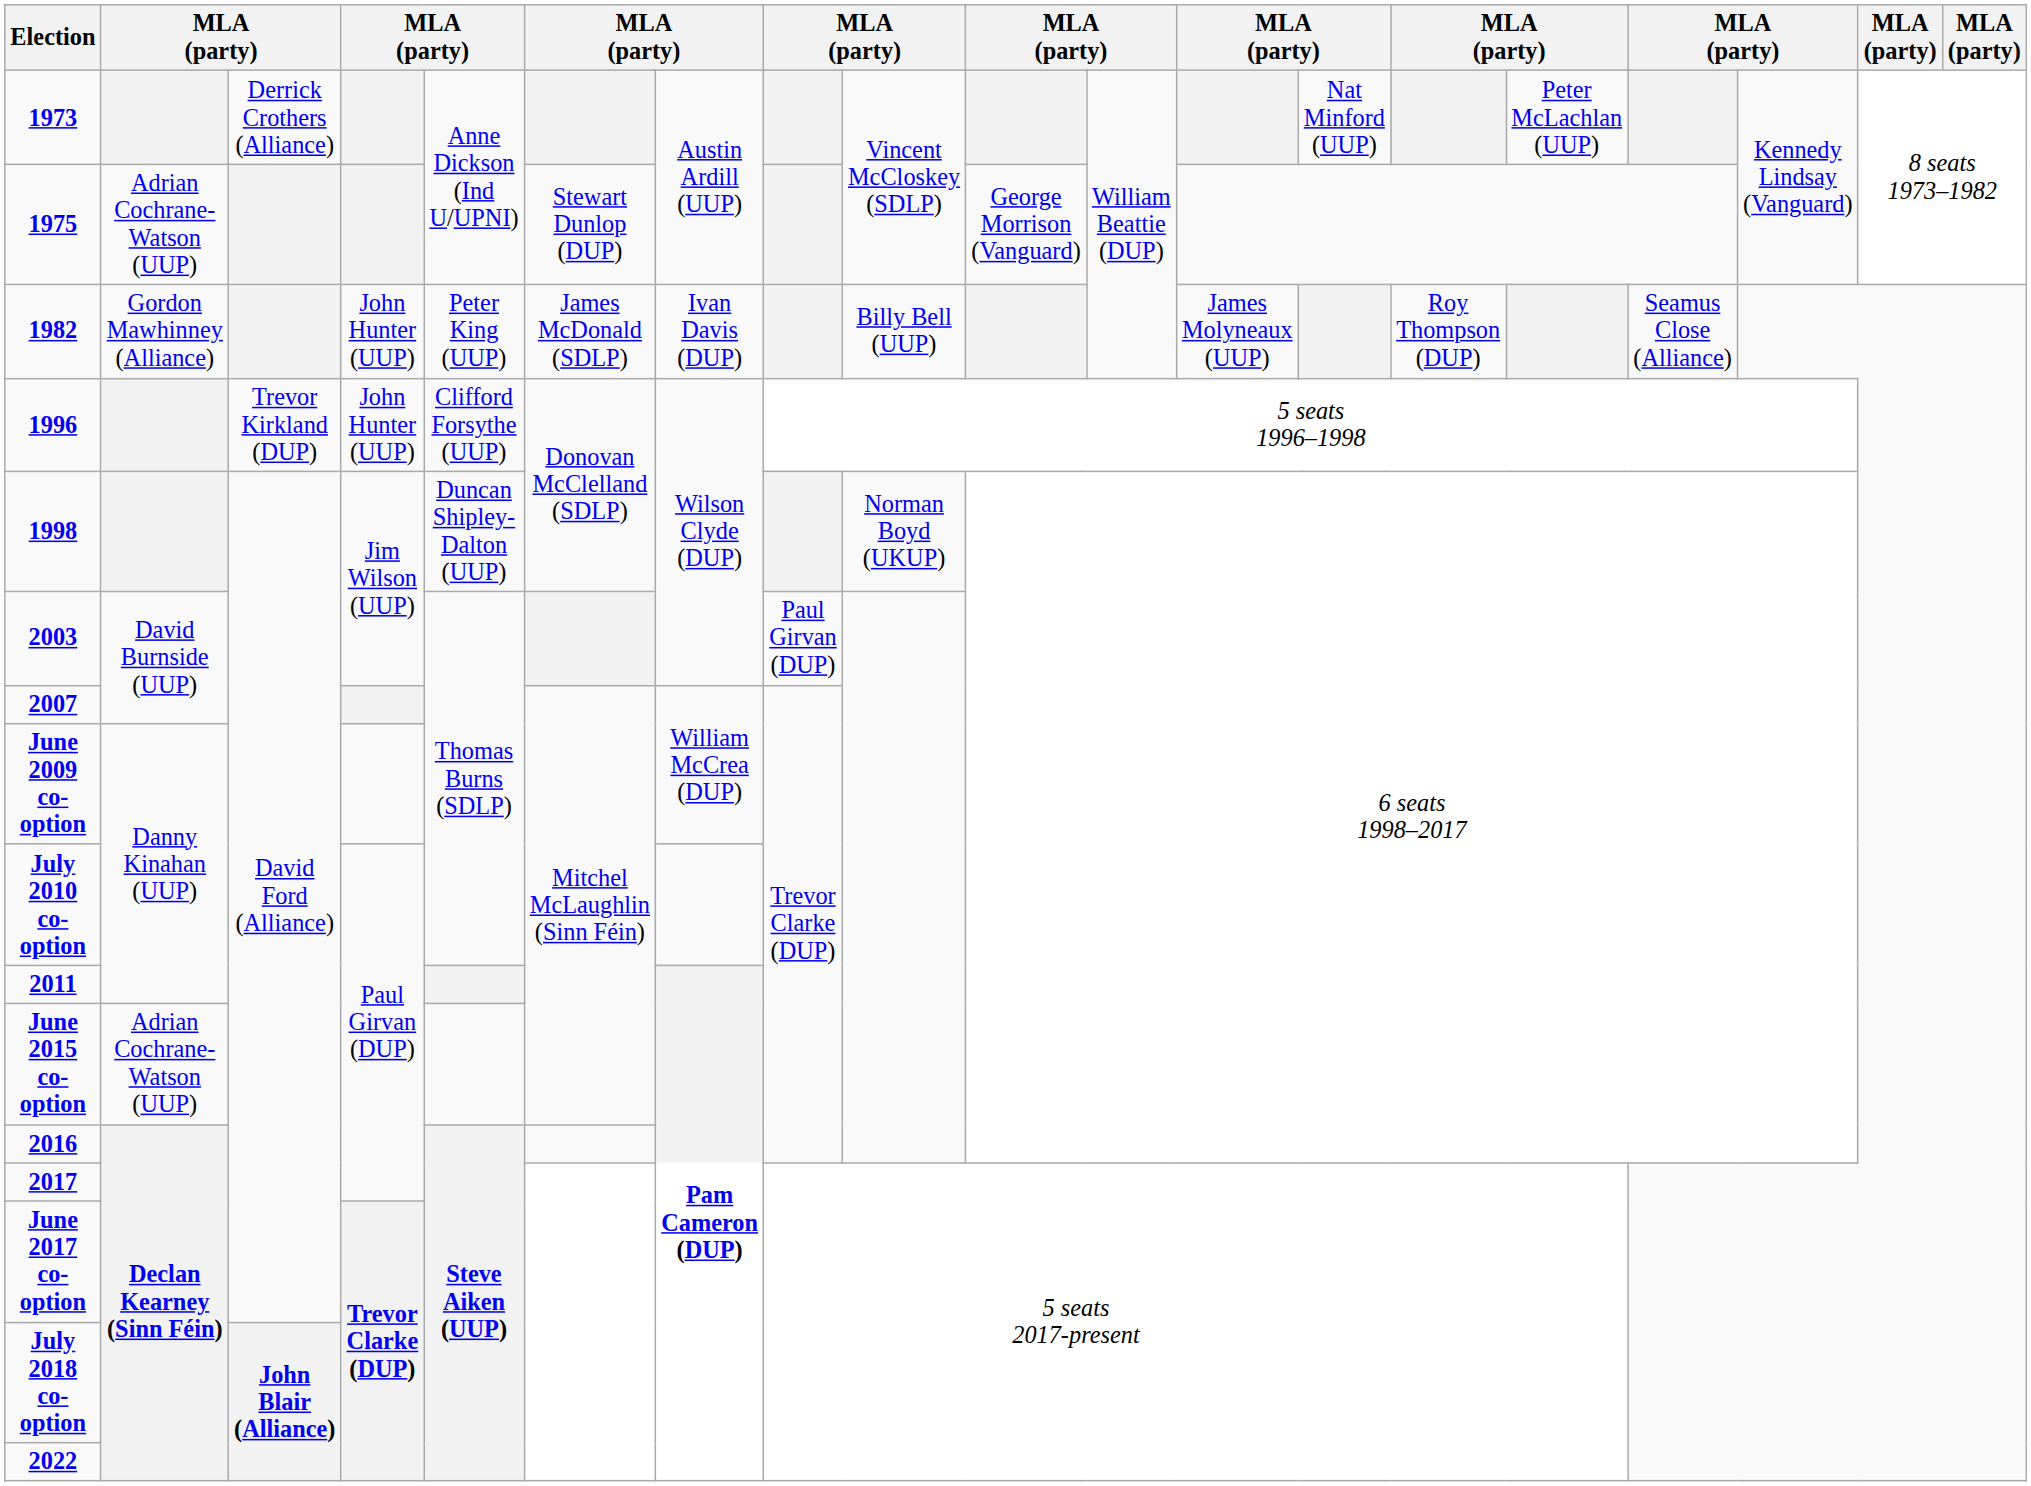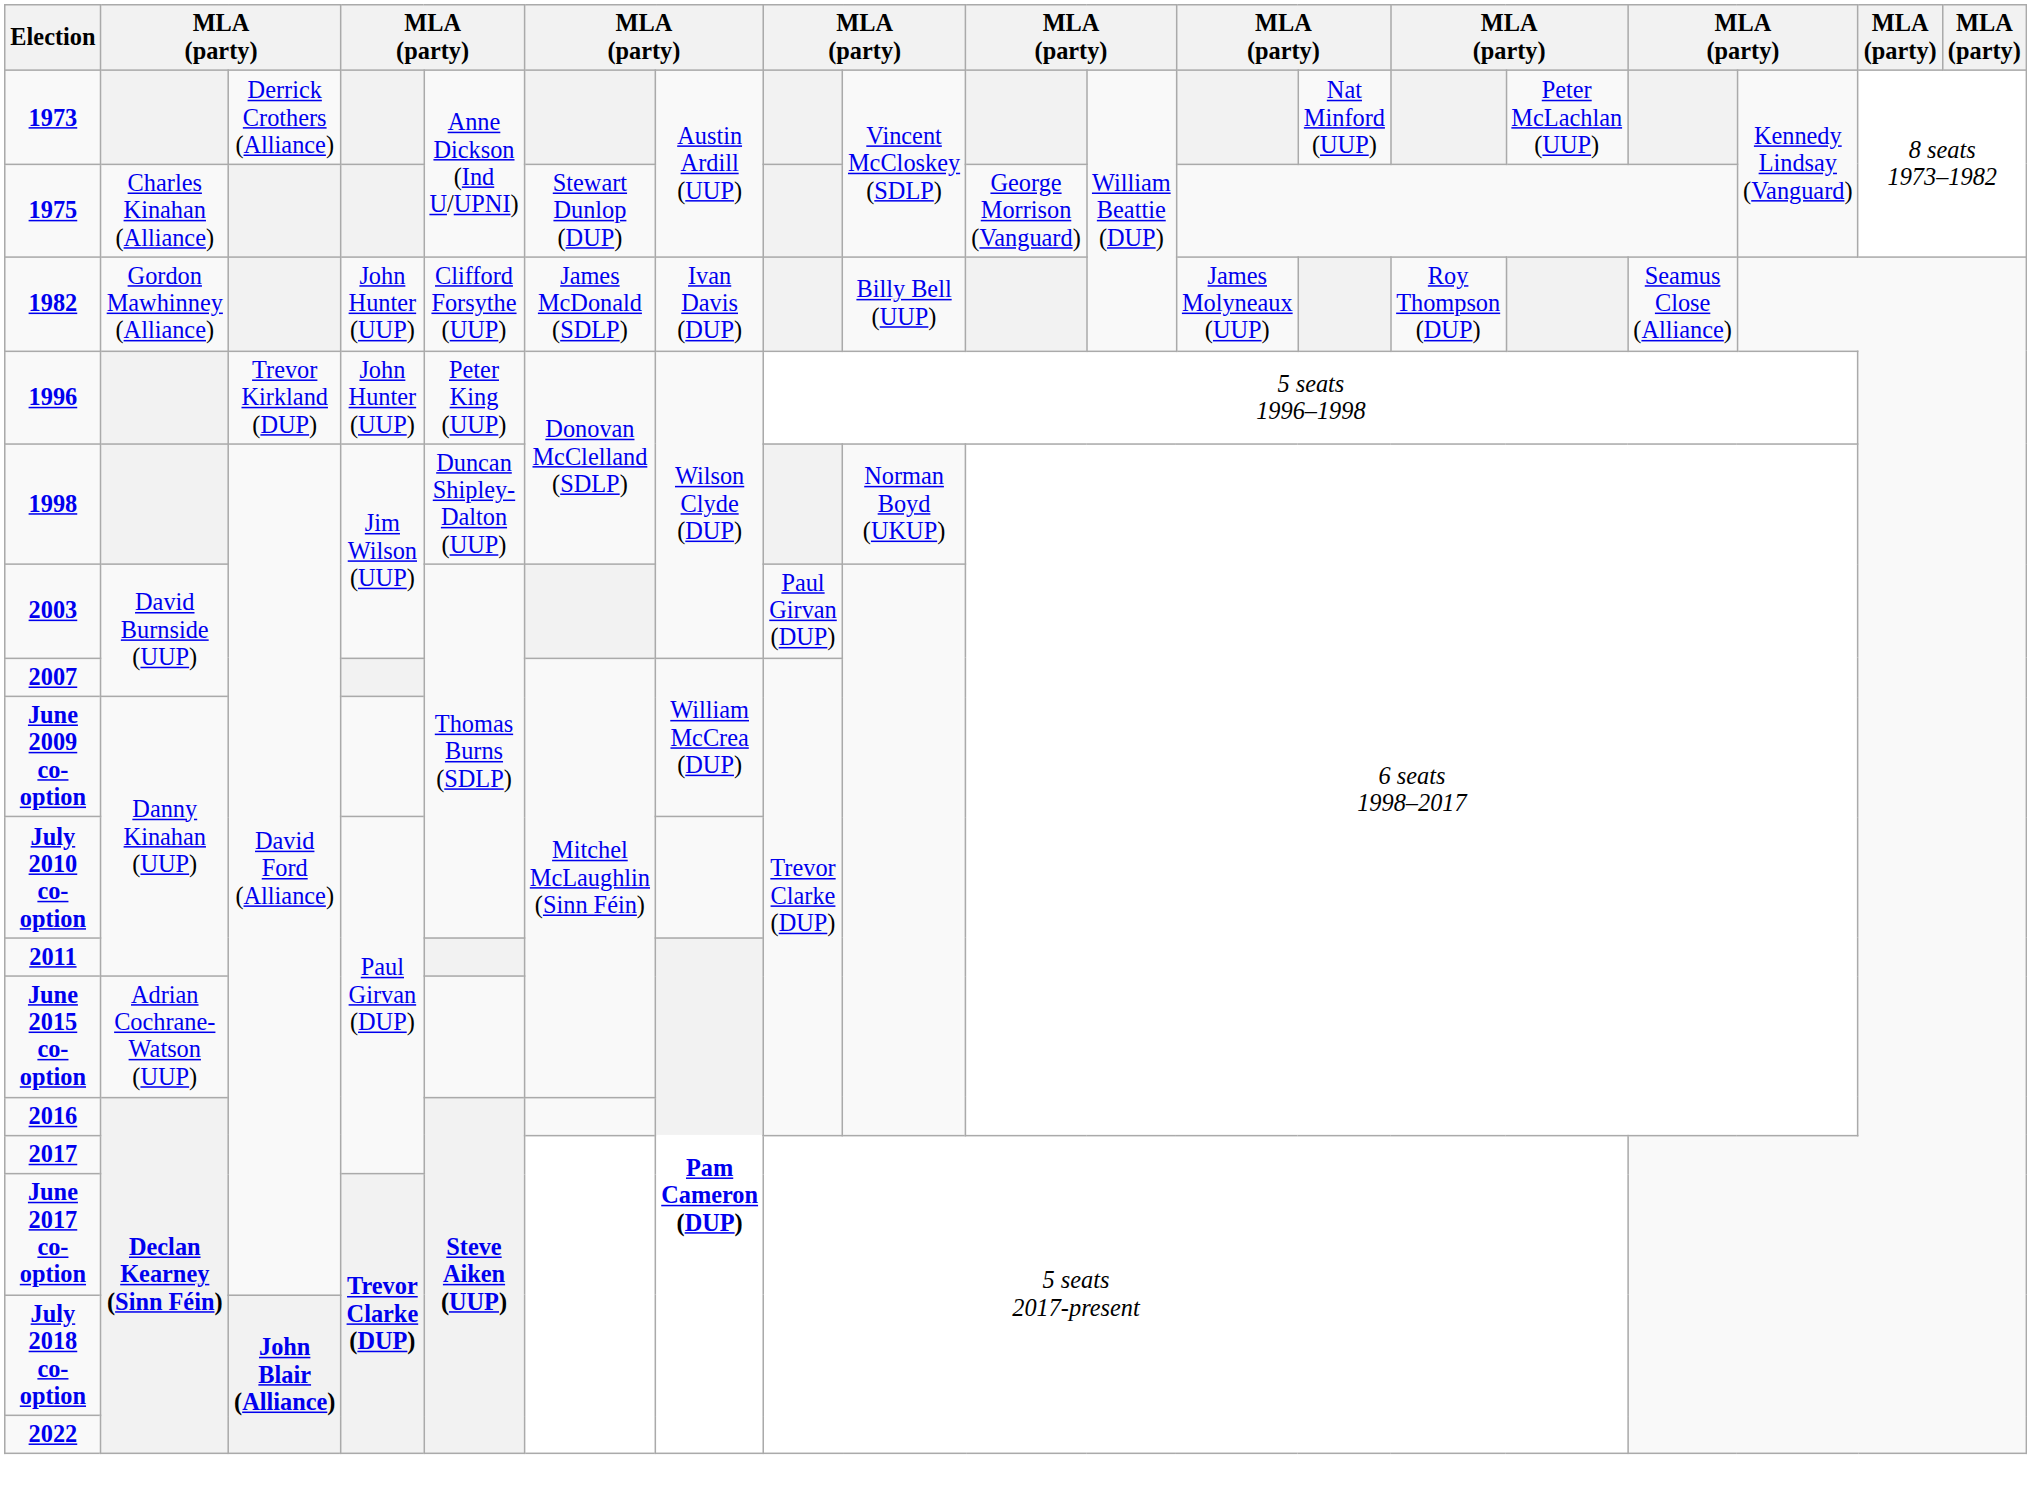 <table class="wikitable" style="text-align:center">
 <tr>
 <th scope="col" width="75" colspan = "1">Election</th>
 <th scope="col" width="150" colspan = "2">MLA<br> (party)</th>
 <th scope="col" width="150" colspan = "2">MLA<br> (party)</th>
 <th scope="col" width="150" colspan = "2">MLA<br> (party)</th>
 <th scope="col" width="150" colspan = "2">MLA<br> (party)</th>
 <th scope="col" width="150" colspan = "2">MLA<br> (party)</th>
 <th scope="col" width="150" colspan = "2">MLA<br> (party)</th>
 <th scope="col" width="150" colspan = "2">MLA<br> (party)</th>
 <th scope="col" width="150" colspan = "2">MLA<br> (party)</th>
 <th scope="col" width="150" colspan = "2">MLA<br> (party)</th>
 <th scope="col" width="150" colspan = "2">MLA<br> (party)</th>
 </tr>
 <tr>
 <td><strong><a href='#'>1973</a></strong></td>
 <th style="background-color: "></th>
 <td><a href='#'>Derrick Crothers</a><br>(<a href='#'>Alliance</a>)</td>
 <th style="background-color: "></th>
 <td rowspan=2><a href='#'>Anne Dickson</a><br>(<a href='#'>Ind U</a>/<a href='#'>UPNI</a>)</td>
 <th style="background-color: "></th>
 <td rowspan=2><a href='#'>Austin Ardill</a><br>(<a href='#'>UUP</a>)</td>
 <th style="background-color: "></th>
 <td rowspan=2><a href='#'>Vincent McCloskey</a><br>(<a href='#'>SDLP</a>)</td>
 <th style="background-color: "></th>
 <td rowspan=3><a href='#'>William Beattie</a><br>(<a href='#'>DUP</a>)</td>
 <th style="background-color: "></th>
 <td><a href='#'>Nat Minford</a><br>(<a href='#'>UUP</a>)</td>
 <th style="background-color: "></th>
 <td><a href='#'>Peter McLachlan</a><br>(<a href='#'>UUP</a>)</td>
 <th style="background-color: "></th>
 <td rowspan=2><a href='#'>Kennedy Lindsay</a><br>(<a href='#'>Vanguard</a>)</td>
 <td style="background-color:#FFFFFF" rowspan=2 colspan=4><em>8 seats<br>1973–1982</em></td>
 </tr>
 <tr>
 <td><strong><a href='#'>1975</a></strong></td>
-<td><a href='#'>Adrian Cochrane-Watson</a><br>(<a href='#'>UUP</a>)</td>
+<td><a href='#'>Charles Kinahan</a><br>(<a href='#'>Alliance</a>)</td>
 <th style="background-color: "></th>
 <th style="background-color: "></th>
 <td><a href='#'>Stewart Dunlop</a><br>(<a href='#'>DUP</a>)</td>
 <th style="background-color: "></th>
 <td><a href='#'>George Morrison</a><br>(<a href='#'>Vanguard</a>)</td>
 </tr>
 <tr>
 <td><strong><a href='#'>1982</a></strong></td>
 <td><a href='#'>Gordon Mawhinney</a><br>(<a href='#'>Alliance</a>)</td>
 <th style="background-color: "></th>
 <td><a href='#'>John Hunter</a><br>(<a href='#'>UUP</a>)</td>
-<td><a href='#'>Peter King</a><br>(<a href='#'>UUP</a>)</td>
+<td><a href='#'>Clifford Forsythe</a><br>(<a href='#'>UUP</a>)</td>
 <td><a href='#'>James McDonald</a><br>(<a href='#'>SDLP</a>)</td>
 <td><a href='#'>Ivan Davis</a><br>(<a href='#'>DUP</a>)</td>
 <th style="background-color: "></th>
 <td><a href='#'>Billy Bell</a><br>(<a href='#'>UUP</a>)</td>
 <th style="background-color: "></th>
 <td><a href='#'>James Molyneaux</a><br>(<a href='#'>UUP</a>)</td>
 <th style="background-color: "></th>
 <td><a href='#'>Roy Thompson</a><br>(<a href='#'>DUP</a>)</td>
 <th style="background-color: "></th>
 <td><a href='#'>Seamus Close</a><br>(<a href='#'>Alliance</a>)</td>
 </tr>
 <tr>
 <td><strong><a href='#'>1996</a></strong></td>
 <th style="background-color: "></th>
 <td><a href='#'>Trevor Kirkland</a><br>(<a href='#'>DUP</a>)</td>
 <td><a href='#'>John Hunter</a><br>(<a href='#'>UUP</a>)</td>
-<td><a href='#'>Clifford Forsythe</a><br>(<a href='#'>UUP</a>)</td>
+<td><a href='#'>Peter King</a><br>(<a href='#'>UUP</a>)</td>
 <td rowspan=2><a href='#'>Donovan McClelland</a><br>(<a href='#'>SDLP</a>)</td>
 <td rowspan=3><a href='#'>Wilson Clyde</a><br>(<a href='#'>DUP</a>)</td>
 <td style="background-color:#FFFFFF" rowspan=1 colspan=10><em>5 seats<br>1996–1998</em></td>
 </tr>
 <tr>
 <td><strong><a href='#'>1998</a></strong></td>
 <th style="background-color: "></th>
 <td rowspan=10><a href='#'>David Ford</a><br>(<a href='#'>Alliance</a>)</td>
 <td rowspan=2><a href='#'>Jim Wilson</a><br>(<a href='#'>UUP</a>)</td>
 <td><a href='#'>Duncan Shipley-Dalton</a><br>(<a href='#'>UUP</a>)</td>
 <th style="background-color: "></th>
 <td><a href='#'>Norman Boyd</a><br>(<a href='#'>UKUP</a>)</td>
 <td style="background-color:#FFFFFF" rowspan=8 colspan=8><em>6 seats<br>1998–2017</em></td>
 </tr>
 <tr>
 <td><strong><a href='#'>2003</a></strong></td>
 <td rowspan=2><a href='#'>David Burnside</a><br>(<a href='#'>UUP</a>)</td>
 <td rowspan=4><a href='#'>Thomas Burns</a><br>(<a href='#'>SDLP</a>)</td>
 <th style="background-color: "></th>
 <td><a href='#'>Paul Girvan</a><br>(<a href='#'>DUP</a>)</td>
 </tr>
 <tr>
 <td><strong><a href='#'>2007</a></strong></td>
 <th style="background-color: "></th>
 <td rowspan=5><a href='#'>Mitchel McLaughlin</a><br>(<a href='#'>Sinn Féin</a>)</td>
 <td rowspan=2><a href='#'>William McCrea</a><br>(<a href='#'>DUP</a>)</td>
 <td rowspan=6><a href='#'>Trevor Clarke</a><br>(<a href='#'>DUP</a>)</td>
 </tr>
 <tr>
 <td><strong><a href='#'>June 2009<br>co-option</a></strong></td>
 <td rowspan=3><a href='#'>Danny Kinahan</a><br>(<a href='#'>UUP</a>)</td>
 </tr>
 <tr>
 <td><strong><a href='#'>July 2010<br>co-option</a></strong></td>
 <td rowspan=5><a href='#'>Paul Girvan</a><br>(<a href='#'>DUP</a>)</td>
 </tr>
 <tr>
 <td><strong><a href='#'>2011</a></strong></td>
 <th style="background-color: "></th>
 <th rowspan="7"><a href='#'>Pam Cameron</a><br>(<a href='#'>DUP</a>)</th>
 </tr>
 <tr>
 <td><strong><a href='#'>June 2015<br>co-option</a></strong></td>
 <td><a href='#'>Adrian Cochrane-Watson</a><br>(<a href='#'>UUP</a>)</td>
 </tr>
 <tr>
 <td><strong><a href='#'>2016</a></strong></td>
 <th rowspan="5"><a href='#'>Declan Kearney</a><br>(<a href='#'>Sinn Féin</a>)</th>
 <th rowspan="5"><a href='#'>Steve Aiken</a><br>(<a href='#'>UUP</a>)</th>
 </tr>
 <tr>
 <td><strong><a href='#'>2017</a></strong></td>
 <td style="background-color:#FFFFFF" rowspan=4 colspan=10><em>5 seats<br>2017-present</em></td>
 </tr>
 <tr>
 <td><strong><a href='#'>June 2017<br>co-option</a></strong></td>
 <th rowspan="3"><a href='#'>Trevor Clarke</a><br>(<a href='#'>DUP</a>)</th>
 </tr>
 <tr>
 <td><strong><a href='#'>July 2018<br>co-option</a></strong></td>
 <th rowspan="2"><a href='#'>John Blair</a><br>(<a href='#'>Alliance</a>)</th>
 </tr>
 <tr>
 <td><strong><a href='#'>2022</a></strong></td>
 </tr>
 </table>
